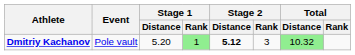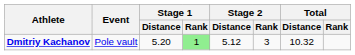 <table class="wikitable" style="text-align:center;font-size:90%">
 <tr>
 <th rowspan=2>Athlete</th>
 <th rowspan=2>Event</th>
 <th colspan=2>Stage 1</th>
 <th colspan=2>Stage 2</th>
 <th colspan=2>Total</th>
 </tr>
 <tr style="font-size:95%">
 <th>Distance</th>
 <th>Rank</th>
 <th>Distance</th>
 <th>Rank</th>
 <th>Distance</th>
 <th>Rank</th>
 </tr>
 <tr>
 <td align=left><strong><a href='#'>Dmitriy Kachanov</a></strong></td>
 <td align=left><a href='#'>Pole vault</a></td>
 <td>5.20</td>
 <td style="background: lightgreen;">1</td>
-<td><strong>5.12</strong></td>
+<td>5.12</td>
 <td>3</td>
-<td style="background: lightgreen;">10.32</td>
+<td>10.32</td>
 <td></td>
 </tr>
 </table>
